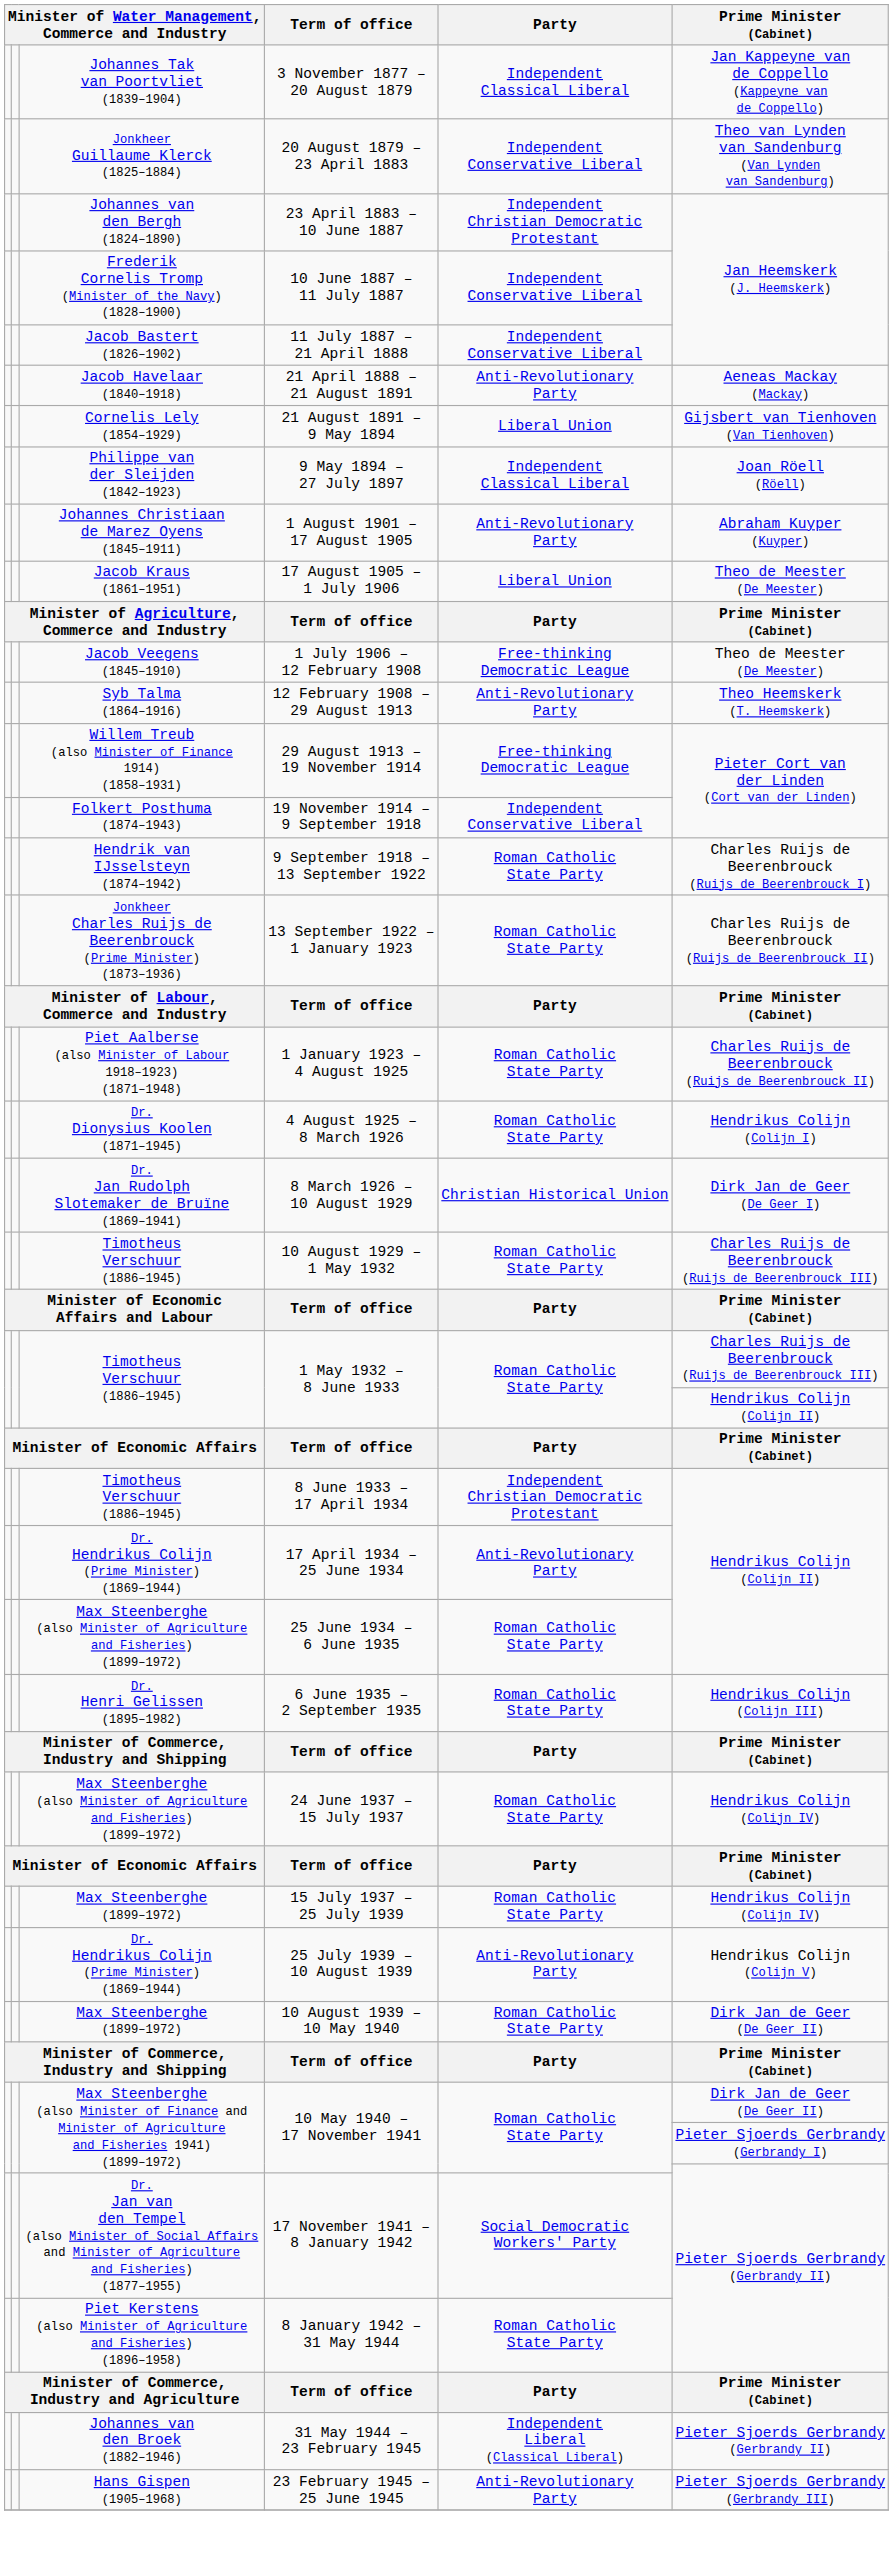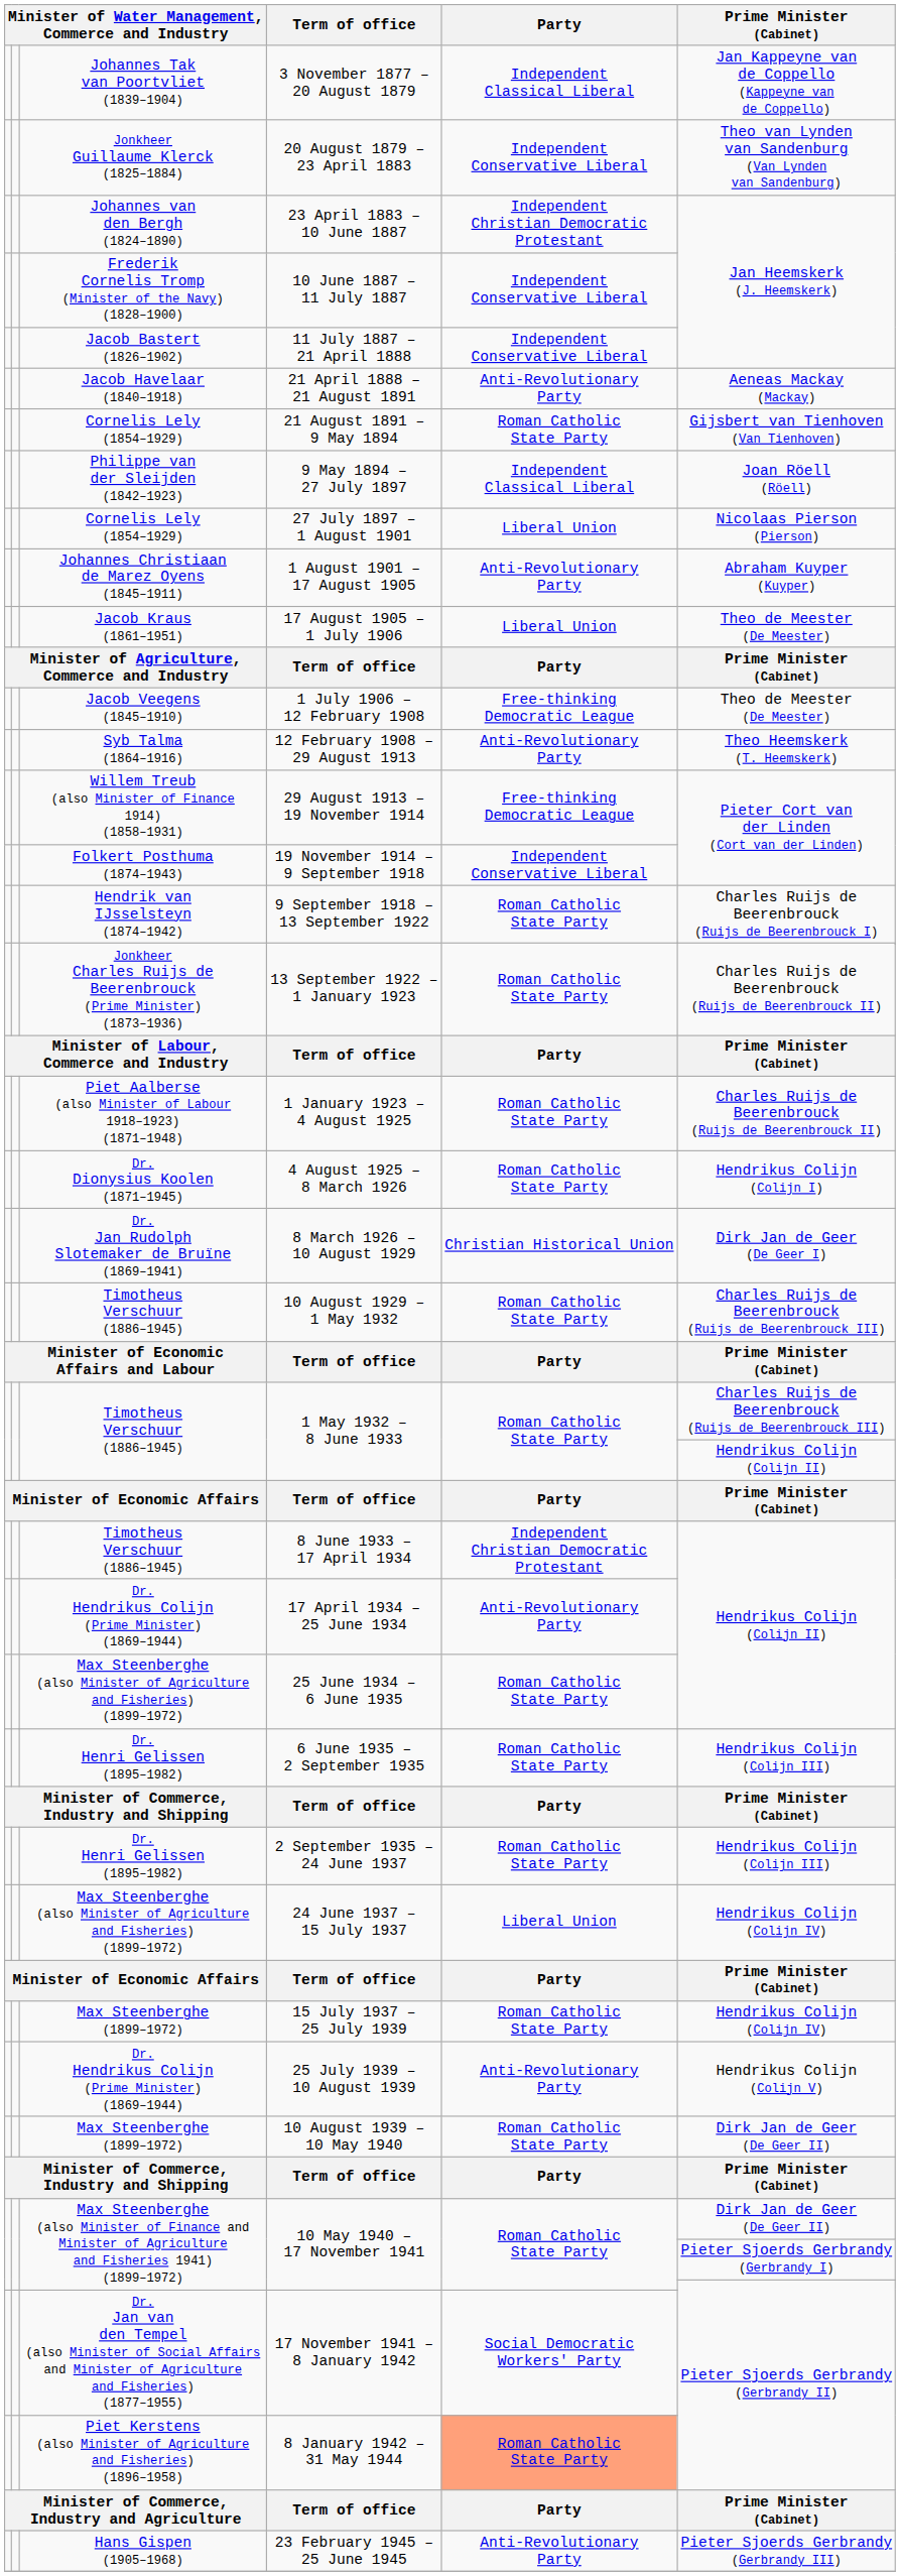 <table class="wikitable" style="text-align:center">
 <tr>
 <th colspan=3>Minister of <a href='#'>Water Management</a>, <br> Commerce and Industry</th>
 <th>Term of office</th>
 <th>Party</th>
 <th>Prime Minister <br> <small>(Cabinet)</small></th>
 </tr>
 <tr>
 <td style="background:"></td>
 <td></td>
 <td><a href='#'>Johannes Tak <br> van Poortvliet</a> <br> <small>(1839–1904)</small></td>
 <td>3 November 1877 – <br> 20 August 1879</td>
 <td><a href='#'>Independent</a> <br> <a href='#'>Classical Liberal</a></td>
 <td><a href='#'>Jan Kappeyne van <br> de Coppello</a> <br> <small>(<a href='#'>Kappeyne van <br> de Coppello</a>)</small> <br></td>
 </tr>
 <tr>
 <td style="background:"></td>
 <td></td>
 <td><small><a href='#'>Jonkheer</a></small> <br> <a href='#'>Guillaume Klerck</a> <br> <small>(1825–1884)</small></td>
 <td>20 August 1879 – <br> 23 April 1883</td>
 <td><a href='#'>Independent</a> <br> <a href='#'>Conservative Liberal</a></td>
 <td><a href='#'>Theo van Lynden <br> van Sandenburg</a> <br> <small>(<a href='#'>Van Lynden <br> van Sandenburg</a>)</small> <br></td>
 </tr>
 <tr>
 <td style="background:"></td>
 <td></td>
 <td><a href='#'>Johannes van <br> den Bergh</a> <br> <small>(1824–1890)</small></td>
 <td>23 April 1883 – <br> 10 June 1887 <br> </td>
 <td><a href='#'>Independent</a> <br> <a href='#'>Christian Democratic <br> Protestant</a></td>
 <td rowspan=3><a href='#'>Jan Heemskerk</a> <br> <small>(<a href='#'>J. Heemskerk</a>)</small> <br></td>
 </tr>
 <tr>
 <td style="background:"></td>
 <td></td>
 <td><a href='#'>Frederik <br> Cornelis Tromp</a> <br> <small>(<a href='#'>Minister of the Navy</a>)</small> <br> <small>(1828–1900)</small></td>
 <td>10 June 1887 – <br> 11 July 1887 <br> </td>
 <td><a href='#'>Independent</a> <br> <a href='#'>Conservative Liberal</a></td>
 </tr>
 <tr>
 <td style="background:"></td>
 <td></td>
 <td><a href='#'>Jacob Bastert</a> <br> <small>(1826–1902)</small></td>
 <td>11 July 1887 – <br> 21 April 1888</td>
 <td><a href='#'>Independent</a> <br> <a href='#'>Conservative Liberal</a></td>
 </tr>
 <tr>
 <td style="background:"></td>
 <td></td>
 <td><a href='#'>Jacob Havelaar</a> <br> <small>(1840–1918)</small></td>
 <td>21 April 1888 – <br> 21 August 1891</td>
 <td><a href='#'>Anti-Revolutionary <br> Party</a></td>
 <td><a href='#'>Aeneas Mackay</a> <br> <small>(<a href='#'>Mackay</a>)</small> <br></td>
 </tr>
 <tr>
 <td style="background:"></td>
 <td></td>
 <td><a href='#'>Cornelis Lely</a> <br> <small>(1854–1929)</small></td>
 <td>21 August 1891 – <br> 9 May 1894</td>
-<td><a href='#'>Liberal Union</a></td>
+<td><a href='#'>Roman Catholic <br> State Party</a></td>
 <td><a href='#'>Gijsbert van Tienhoven</a> <br> <small>(<a href='#'>Van Tienhoven</a>)</small> <br></td>
 </tr>
 <tr>
 <td style="background:"></td>
 <td></td>
 <td><a href='#'>Philippe van <br> der Sleijden</a> <br> <small>(1842–1923)</small></td>
 <td>9 May 1894 – <br> 27 July 1897</td>
 <td><a href='#'>Independent</a> <br> <a href='#'>Classical Liberal</a></td>
 <td><a href='#'>Joan Röell</a> <br> <small>(<a href='#'>Röell</a>)</small> <br></td>
+</tr>
+<tr>
+<td style="background:"></td>
+<td></td>
+<td><a href='#'>Cornelis Lely</a> <br> <small>(1854–1929)</small></td>
+<td>27 July 1897 – <br> 1 August 1901</td>
+<td><a href='#'>Liberal Union</a></td>
+<td><a href='#'>Nicolaas Pierson</a> <br> <small>(<a href='#'>Pierson</a>)</small> <br></td>
 </tr>
 <tr>
 <td style="background:"></td>
 <td></td>
 <td><a href='#'>Johannes Christiaan <br> de Marez Oyens</a> <br> <small>(1845–1911)</small></td>
 <td>1 August 1901 – <br> 17 August 1905</td>
 <td><a href='#'>Anti-Revolutionary <br> Party</a></td>
 <td><a href='#'>Abraham Kuyper</a> <br> <small>(<a href='#'>Kuyper</a>)</small> <br></td>
 </tr>
 <tr>
 <td style="background:"></td>
 <td></td>
 <td><a href='#'>Jacob Kraus</a> <br> <small>(1861–1951)</small></td>
 <td>17 August 1905 – <br> 1 July 1906 <br> </td>
 <td><a href='#'>Liberal Union</a></td>
 <td><a href='#'>Theo de Meester</a> <br> <small>(<a href='#'>De Meester</a>)</small> <br></td>
 </tr>
 <tr>
 <th colspan=3>Minister of <a href='#'>Agriculture</a>, <br> Commerce and Industry</th>
 <th>Term of office</th>
 <th>Party</th>
 <th>Prime Minister <br> <small>(Cabinet)</small></th>
 </tr>
 <tr>
 <td style="background:"></td>
 <td></td>
 <td><a href='#'>Jacob Veegens</a> <br> <small>(1845–1910)</small></td>
 <td>1 July 1906 – <br> 12 February 1908</td>
 <td><a href='#'>Free-thinking <br> Democratic League</a></td>
 <td>Theo de Meester <br> <small>(<a href='#'>De Meester</a>)</small> <br></td>
 </tr>
 <tr>
 <td style="background:"></td>
 <td></td>
 <td><a href='#'>Syb Talma</a> <br> <small>(1864–1916)</small></td>
 <td>12 February 1908 – <br> 29 August 1913</td>
 <td><a href='#'>Anti-Revolutionary <br> Party</a></td>
 <td><a href='#'>Theo Heemskerk</a> <br> <small>(<a href='#'>T. Heemskerk</a>)</small> <br></td>
 </tr>
 <tr>
 <td style="background:"></td>
 <td></td>
 <td><a href='#'>Willem Treub</a> <br> <small>(also <a href='#'>Minister of Finance</a> <br> 1914)</small> <br> <small>(1858–1931)</small></td>
 <td>29 August 1913 – <br> 19 November 1914 <br> </td>
 <td><a href='#'>Free-thinking <br> Democratic League</a></td>
 <td rowspan=2><a href='#'>Pieter Cort van <br> der Linden</a> <br> <small>(<a href='#'>Cort van der Linden</a>)</small> <br></td>
 </tr>
 <tr>
 <td style="background:"></td>
 <td></td>
 <td><a href='#'>Folkert Posthuma</a> <br> <small>(1874–1943)</small></td>
 <td>19 November 1914 – <br> 9 September 1918</td>
 <td><a href='#'>Independent</a> <br> <a href='#'>Conservative Liberal</a></td>
 </tr>
 <tr>
 <td style="background:"></td>
 <td></td>
 <td><a href='#'>Hendrik van <br> IJsselsteyn</a> <br> <small>(1874–1942)</small></td>
 <td>9 September 1918 – <br> 13 September 1922 <br> </td>
 <td><a href='#'>Roman Catholic <br> State Party</a></td>
 <td rowspan=2>Charles Ruijs de <br> Beerenbrouck <br> <small>(<a href='#'>Ruijs de Beerenbrouck I</a>)</small> <br></td>
 </tr>
 <tr>
 <td rowspan=2 style="background:"></td>
 <td rowspan=2></td>
 <td rowspan=2><small><a href='#'>Jonkheer</a></small> <br> <a href='#'>Charles Ruijs de <br> Beerenbrouck</a> <br> <small>(<a href='#'>Prime Minister</a>)</small> <br> <small>(1873–1936)</small></td>
 <td rowspan=2>13 September 1922 – <br> 1 January 1923 <br> </td>
 <td rowspan=2><a href='#'>Roman Catholic <br> State Party</a></td>
 </tr>
 <tr>
 <td>Charles Ruijs de <br> Beerenbrouck <br> <small>(<a href='#'>Ruijs de Beerenbrouck II</a>)</small> <br></td>
 </tr>
 <tr>
 <th colspan=3>Minister of <a href='#'>Labour</a>, <br> Commerce and Industry</th>
 <th>Term of office</th>
 <th>Party</th>
 <th>Prime Minister <br> <small>(Cabinet)</small></th>
 </tr>
 <tr>
 <td style="background:"></td>
 <td></td>
 <td><a href='#'>Piet Aalberse</a> <br> <small>(also <a href='#'>Minister of Labour</a> <br> 1918–1923)</small> <br> <small>(1871–1948)</small></td>
 <td>1 January 1923 – <br> 4 August 1925</td>
 <td><a href='#'>Roman Catholic <br> State Party</a></td>
 <td><a href='#'>Charles Ruijs de <br> Beerenbrouck</a> <br> <small>(<a href='#'>Ruijs de Beerenbrouck II</a>)</small> <br></td>
 </tr>
 <tr>
 <td style="background:"></td>
 <td></td>
 <td><small><a href='#'>Dr.</a></small> <br> <a href='#'>Dionysius Koolen</a> <br> <small>(1871–1945)</small></td>
 <td>4 August 1925 – <br> 8 March 1926</td>
 <td><a href='#'>Roman Catholic <br> State Party</a></td>
 <td><a href='#'>Hendrikus Colijn</a> <br> <small>(<a href='#'>Colijn I</a>)</small> <br></td>
 </tr>
 <tr>
 <td style="background:"></td>
 <td></td>
 <td><small><a href='#'>Dr.</a></small> <br> <a href='#'>Jan Rudolph <br> Slotemaker de Bruïne</a> <br> <small>(1869–1941)</small></td>
 <td>8 March 1926 – <br> 10 August 1929</td>
 <td><a href='#'>Christian Historical Union</a></td>
 <td><a href='#'>Dirk Jan de Geer</a> <br> <small>(<a href='#'>De Geer I</a>)</small> <br></td>
 </tr>
 <tr>
 <td style="background:"></td>
 <td></td>
 <td><a href='#'>Timotheus <br> Verschuur</a> <br> <small>(1886–1945)</small></td>
 <td>10 August 1929 – <br> 1 May 1932</td>
 <td><a href='#'>Roman Catholic <br> State Party</a></td>
 <td><a href='#'>Charles Ruijs de <br> Beerenbrouck</a> <br> <small>(<a href='#'>Ruijs de Beerenbrouck III</a>)</small> <br></td>
 </tr>
 <tr>
 <th colspan=3>Minister of Economic <br> Affairs and Labour</th>
 <th>Term of office</th>
 <th>Party</th>
 <th>Prime Minister <br> <small>(Cabinet)</small></th>
 </tr>
 <tr>
 <td rowspan=2 style="background:"></td>
 <td rowspan=2></td>
 <td rowspan=2><a href='#'>Timotheus <br> Verschuur</a> <br> <small>(1886–1945)</small></td>
 <td rowspan=2>1 May 1932 – <br> 8 June 1933</td>
 <td rowspan=2><a href='#'>Roman Catholic <br> State Party</a></td>
 <td><a href='#'>Charles Ruijs de <br> Beerenbrouck</a> <br> <small>(<a href='#'>Ruijs de Beerenbrouck III</a>)</small> <br></td>
 </tr>
 <tr>
 <td><a href='#'>Hendrikus Colijn</a> <br> <small>(<a href='#'>Colijn II</a>)</small> <br></td>
 </tr>
 <tr>
 <th colspan=3>Minister of Economic Affairs</th>
 <th>Term of office</th>
 <th>Party</th>
 <th>Prime Minister <br> <small>(Cabinet)</small></th>
 </tr>
 <tr>
 <td style="background:"></td>
 <td></td>
 <td><a href='#'>Timotheus <br> Verschuur</a> <br> <small>(1886–1945)</small></td>
 <td>8 June 1933 – <br> 17 April 1934</td>
 <td><a href='#'>Independent</a> <br> <a href='#'>Christian Democratic <br> Protestant</a></td>
 <td rowspan=4><a href='#'>Hendrikus Colijn</a> <br> <small>(<a href='#'>Colijn II</a>)</small> <br></td>
 </tr>
 <tr>
 <td style="background:"></td>
 <td></td>
 <td><small><a href='#'>Dr.</a></small> <br> <a href='#'>Hendrikus Colijn</a> <br> <small>(<a href='#'>Prime Minister</a>)</small> <br> <small>(1869–1944)</small></td>
 <td>17 April 1934 – <br> 25 June 1934 <br> </td>
 <td><a href='#'>Anti-Revolutionary <br> Party</a></td>
 </tr>
 <tr>
 <td style="background:"></td>
 <td></td>
 <td><a href='#'>Max Steenberghe</a> <br> <small>(also <a href='#'>Minister of Agriculture <br> and Fisheries</a>)</small> <br> <small>(1899–1972)</small></td>
 <td>25 June 1934 – <br> 6 June 1935</td>
 <td><a href='#'>Roman Catholic <br> State Party</a></td>
 </tr>
 <tr>
 <td rowspan=2 style="background:"></td>
 <td rowspan=2></td>
 <td rowspan=2><small><a href='#'>Dr.</a></small> <br> <a href='#'>Henri Gelissen</a> <br> <small>(1895–1982)</small></td>
 <td rowspan=2>6 June 1935 – <br> 2 September 1935</td>
 <td rowspan=2><a href='#'>Roman Catholic <br> State Party</a></td>
 </tr>
 <tr>
 <td><a href='#'>Hendrikus Colijn</a> <br> <small>(<a href='#'>Colijn III</a>)</small> <br></td>
 </tr>
 <tr>
 <th colspan=3>Minister of Commerce, <br> Industry and Shipping</th>
 <th>Term of office</th>
 <th>Party</th>
 <th>Prime Minister <br> <small>(Cabinet)</small></th>
 </tr>
 <tr>
 <td style="background:"></td>
 <td></td>
+<td><small><a href='#'>Dr.</a></small> <br> <a href='#'>Henri Gelissen</a> <br> <small>(1895–1982)</small></td>
+<td>2 September 1935 – <br> 24 June 1937</td>
+<td><a href='#'>Roman Catholic <br> State Party</a></td>
+<td><a href='#'>Hendrikus Colijn</a> <br> <small>(<a href='#'>Colijn III</a>)</small> <br></td>
+</tr>
+<tr>
+<td style="background:"></td>
+<td></td>
 <td><a href='#'>Max Steenberghe</a> <br> <small>(also <a href='#'>Minister of Agriculture <br> and Fisheries</a>)</small> <br> <small>(1899–1972)</small></td>
 <td>24 June 1937 – <br> 15 July 1937</td>
-<td><a href='#'>Roman Catholic <br> State Party</a></td>
+<td><a href='#'>Liberal Union</a></td>
 <td><a href='#'>Hendrikus Colijn</a> <br> <small>(<a href='#'>Colijn IV</a>)</small> <br></td>
 </tr>
 <tr>
 <th colspan=3>Minister of Economic Affairs</th>
 <th>Term of office</th>
 <th>Party</th>
 <th>Prime Minister <br> <small>(Cabinet)</small></th>
 </tr>
 <tr>
 <td style="background:"></td>
 <td></td>
 <td><a href='#'>Max Steenberghe</a> <br> <small>(1899–1972)</small></td>
 <td>15 July 1937 – <br> 25 July 1939</td>
 <td><a href='#'>Roman Catholic <br> State Party</a></td>
 <td><a href='#'>Hendrikus Colijn</a> <br> <small>(<a href='#'>Colijn IV</a>)</small> <br></td>
 </tr>
 <tr>
 <td style="background:"></td>
 <td></td>
 <td><small><a href='#'>Dr.</a></small> <br> <a href='#'>Hendrikus Colijn</a> <br> <small>(<a href='#'>Prime Minister</a>)</small> <br> <small>(1869–1944)</small></td>
 <td>25 July 1939 – <br> 10 August 1939</td>
 <td><a href='#'>Anti-Revolutionary <br> Party</a></td>
 <td>Hendrikus Colijn <br> <small>(<a href='#'>Colijn V</a>)</small> <br></td>
 </tr>
 <tr>
 <td style="background:"></td>
 <td></td>
 <td><a href='#'>Max Steenberghe</a> <br> <small>(1899–1972)</small></td>
 <td>10 August 1939 – <br> 10 May 1940</td>
 <td><a href='#'>Roman Catholic <br> State Party</a></td>
 <td><a href='#'>Dirk Jan de Geer</a> <br> <small>(<a href='#'>De Geer II</a>)</small> <br></td>
 </tr>
 <tr>
 <th colspan=3>Minister of Commerce, <br> Industry and Shipping</th>
 <th>Term of office</th>
 <th>Party</th>
 <th>Prime Minister <br> <small>(Cabinet)</small></th>
 </tr>
 <tr>
 <td rowspan=3 style="background:"></td>
 <td rowspan=3></td>
 <td rowspan=3><a href='#'>Max Steenberghe</a> <br> <small>(also <a href='#'>Minister of Finance</a> and <br> <a href='#'>Minister of Agriculture <br> and Fisheries</a> 1941)</small> <br> <small>(1899–1972)</small></td>
 <td rowspan=3>10 May 1940 – <br> 17 November 1941 <br> </td>
 <td rowspan=3><a href='#'>Roman Catholic <br> State Party</a></td>
 <td><a href='#'>Dirk Jan de Geer</a> <br> <small>(<a href='#'>De Geer II</a>)</small> <br></td>
 </tr>
 <tr>
 <td><a href='#'>Pieter Sjoerds Gerbrandy</a> <br> <small>(<a href='#'>Gerbrandy I</a>)</small> <br></td>
 </tr>
 <tr>
 <td rowspan=3><a href='#'>Pieter Sjoerds Gerbrandy</a> <br> <small>(<a href='#'>Gerbrandy II</a>)</small> <br></td>
 </tr>
 <tr>
 <td style="background:"></td>
 <td></td>
 <td><small><a href='#'>Dr.</a></small> <br> <a href='#'>Jan van <br> den Tempel</a> <br> <small>(also <a href='#'>Minister of Social Affairs</a> <br> and <a href='#'>Minister of Agriculture <br> and Fisheries</a>)</small> <br> <small>(1877–1955)</small></td>
 <td>17 November 1941 – <br> 8 January 1942 <br> </td>
 <td><a href='#'>Social Democratic <br> Workers' Party</a></td>
 </tr>
 <tr>
 <td style="background:"></td>
 <td></td>
 <td><a href='#'>Piet Kerstens</a> <br> <small>(also <a href='#'>Minister of Agriculture <br> and Fisheries</a>)</small> <br> <small>(1896–1958)</small></td>
 <td>8 January 1942 – <br> 31 May 1944 <br> </td>
-<td><a href='#'>Roman Catholic <br> State Party</a></td>
+<td style="background: lightsalmon;"><a href='#'>Roman Catholic <br> State Party</a></td>
 </tr>
 <tr>
 <th colspan=3>Minister of Commerce, <br> Industry and Agriculture</th>
 <th>Term of office</th>
 <th>Party</th>
 <th>Prime Minister <br> <small>(Cabinet)</small></th>
-</tr>
-<tr>
-<td style="background:"></td>
-<td></td>
-<td><a href='#'>Johannes van <br> den Broek</a> <br> <small>(1882–1946)</small></td>
-<td>31 May 1944 – <br> 23 February 1945 <br> </td>
-<td><a href='#'>Independent <br> Liberal</a> <br> <small>(<a href='#'>Classical Liberal</a>)</small></td>
-<td><a href='#'>Pieter Sjoerds Gerbrandy</a> <br> <small>(<a href='#'>Gerbrandy II</a>)</small> <br></td>
 </tr>
 <tr>
 <td style="background:"></td>
 <td></td>
 <td><a href='#'>Hans Gispen</a> <br> <small>(1905–1968)</small></td>
 <td>23 February 1945 – <br> 25 June 1945</td>
 <td><a href='#'>Anti-Revolutionary <br> Party</a></td>
 <td><a href='#'>Pieter Sjoerds Gerbrandy</a> <br> <small>(<a href='#'>Gerbrandy III</a>)</small> <br></td>
 </tr>
 <tr>
 </tr>
 </table>
